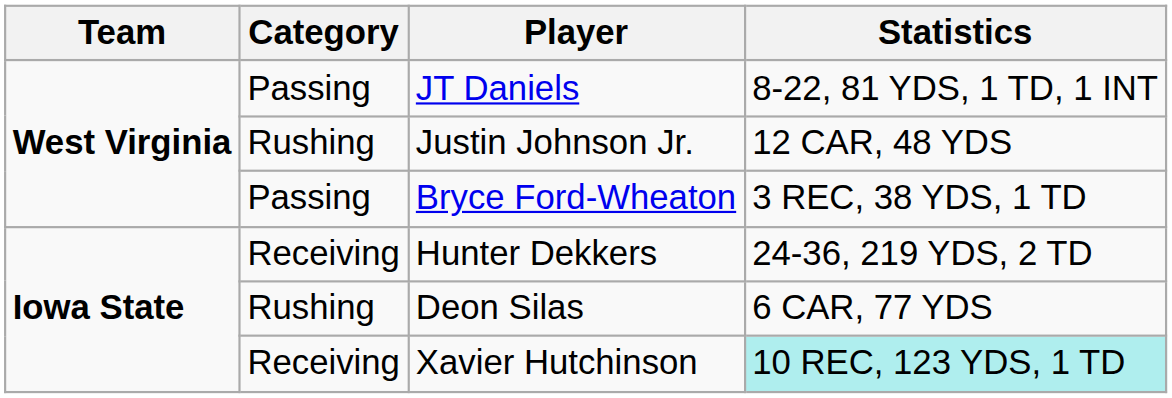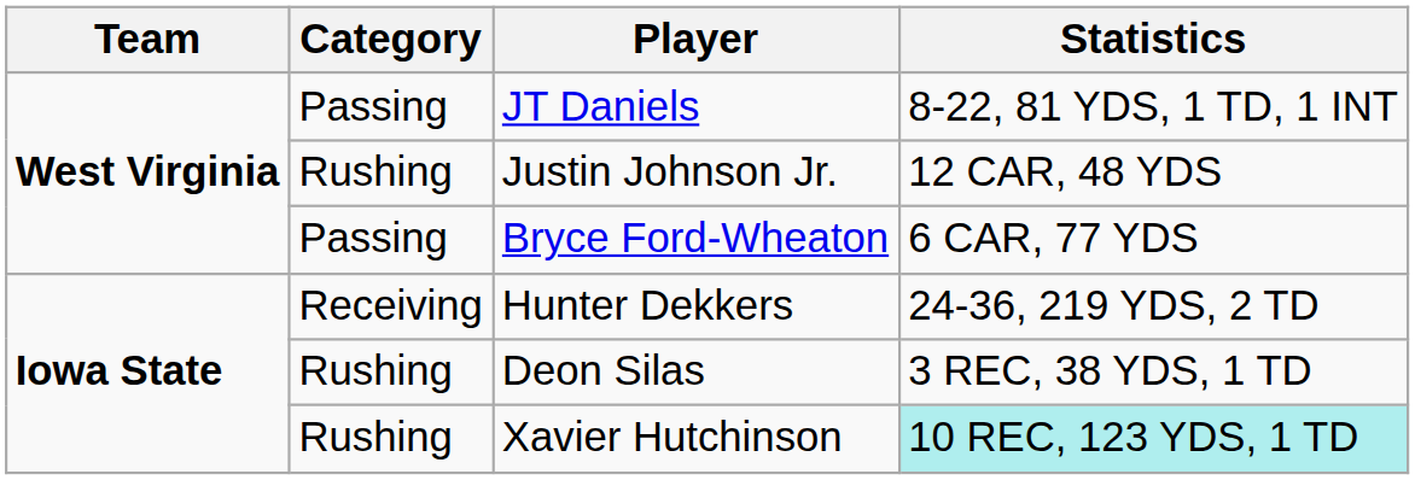 <table class="wikitable" style="float: right;">
 <tr>
 <th>Team</th>
 <th>Category</th>
 <th>Player</th>
 <th>Statistics</th>
 </tr>
 <tr>
 <td rowspan=3><strong>West Virginia</strong></td>
 <td>Passing</td>
 <td><a href='#'>JT Daniels</a></td>
 <td>8-22, 81 YDS, 1 TD, 1 INT</td>
 </tr>
 <tr>
 <td>Rushing</td>
 <td>Justin Johnson Jr.</td>
 <td>12 CAR, 48 YDS</td>
 </tr>
 <tr>
 <td>Passing</td>
 <td><a href='#'>Bryce Ford-Wheaton</a></td>
-<td>3 REC, 38 YDS, 1 TD</td>
+<td>6 CAR, 77 YDS</td>
 </tr>
 <tr>
 <td rowspan=3><strong>Iowa State</strong></td>
 <td>Receiving</td>
 <td>Hunter Dekkers</td>
 <td>24-36, 219 YDS, 2 TD</td>
 </tr>
 <tr>
 <td>Rushing</td>
 <td>Deon Silas</td>
-<td>6 CAR, 77 YDS</td>
+<td>3 REC, 38 YDS, 1 TD</td>
 </tr>
 <tr>
-<td>Receiving</td>
+<td>Rushing</td>
 <td>Xavier Hutchinson</td>
 <td style="background: paleturquoise;">10 REC, 123 YDS, 1 TD</td>
 </tr>
 </table>
